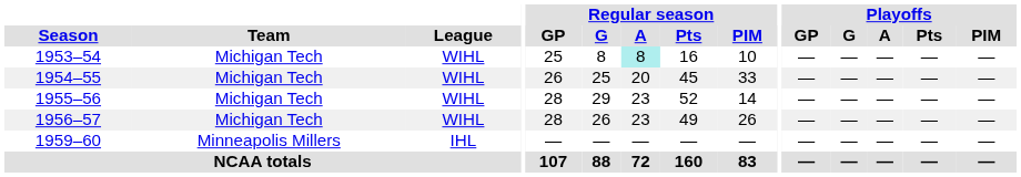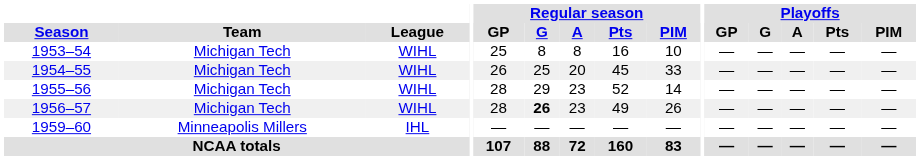 <table border="0" cellpadding="1" cellspacing="0" style="text-align:center; width:60em">
 <tr bgcolor="#e0e0e0">
 <th colspan="3" bgcolor="#ffffff"></th>
 <th rowspan="99" bgcolor="#ffffff"></th>
 <th colspan="5"><a href='#'>Regular season</a></th>
 <th rowspan="99" bgcolor="#ffffff"></th>
 <th colspan="5"><a href='#'>Playoffs</a></th>
 </tr>
 <tr bgcolor="#e0e0e0">
 <th><a href='#'>Season</a></th>
 <th>Team</th>
 <th>League</th>
 <th>GP</th>
 <th><a href='#'>G</a></th>
 <th><a href='#'>A</a></th>
 <th><a href='#'>Pts</a></th>
 <th><a href='#'>PIM</a></th>
 <th>GP</th>
 <th>G</th>
 <th>A</th>
 <th>Pts</th>
 <th>PIM</th>
 </tr>
 <tr>
 <td><a href='#'>1953–54</a></td>
 <td><a href='#'>Michigan Tech</a></td>
 <td><a href='#'>WIHL</a></td>
 <td>25</td>
 <td>8</td>
-<td style="background: paleturquoise;">8</td>
+<td>8</td>
 <td>16</td>
 <td>10</td>
 <td>—</td>
 <td>—</td>
 <td>—</td>
 <td>—</td>
 <td>—</td>
 </tr>
 <tr bgcolor="f0f0f0">
 <td><a href='#'>1954–55</a></td>
 <td><a href='#'>Michigan Tech</a></td>
 <td><a href='#'>WIHL</a></td>
 <td>26</td>
 <td>25</td>
 <td>20</td>
 <td>45</td>
 <td>33</td>
 <td>—</td>
 <td>—</td>
 <td>—</td>
 <td>—</td>
 <td>—</td>
 </tr>
 <tr>
 <td><a href='#'>1955–56</a></td>
 <td><a href='#'>Michigan Tech</a></td>
 <td><a href='#'>WIHL</a></td>
 <td>28</td>
 <td>29</td>
 <td>23</td>
 <td>52</td>
 <td>14</td>
 <td>—</td>
 <td>—</td>
 <td>—</td>
 <td>—</td>
 <td>—</td>
 </tr>
 <tr bgcolor="f0f0f0">
 <td><a href='#'>1956–57</a></td>
 <td><a href='#'>Michigan Tech</a></td>
 <td><a href='#'>WIHL</a></td>
 <td>28</td>
-<td>26</td>
+<td><strong>26</strong></td>
 <td>23</td>
 <td>49</td>
 <td>26</td>
 <td>—</td>
 <td>—</td>
 <td>—</td>
 <td>—</td>
 <td>—</td>
 </tr>
 <tr>
 <td><a href='#'>1959–60</a></td>
 <td><a href='#'>Minneapolis Millers</a></td>
 <td><a href='#'>IHL</a></td>
 <td>—</td>
 <td>—</td>
 <td>—</td>
 <td>—</td>
 <td>—</td>
 <td>—</td>
 <td>—</td>
 <td>—</td>
 <td>—</td>
 <td>—</td>
 </tr>
 <tr bgcolor="#e0e0e0">
 <th colspan="3">NCAA totals</th>
 <th>107</th>
 <th>88</th>
 <th>72</th>
 <th>160</th>
 <th>83</th>
 <th>—</th>
 <th>—</th>
 <th>—</th>
 <th>—</th>
 <th>—</th>
 </tr>
 </table>
